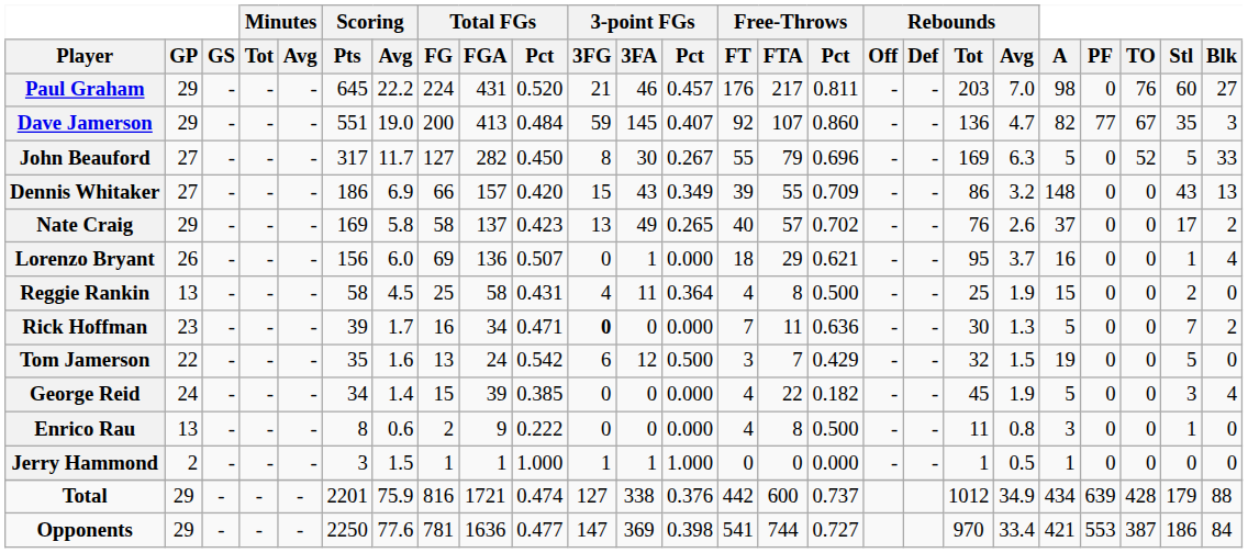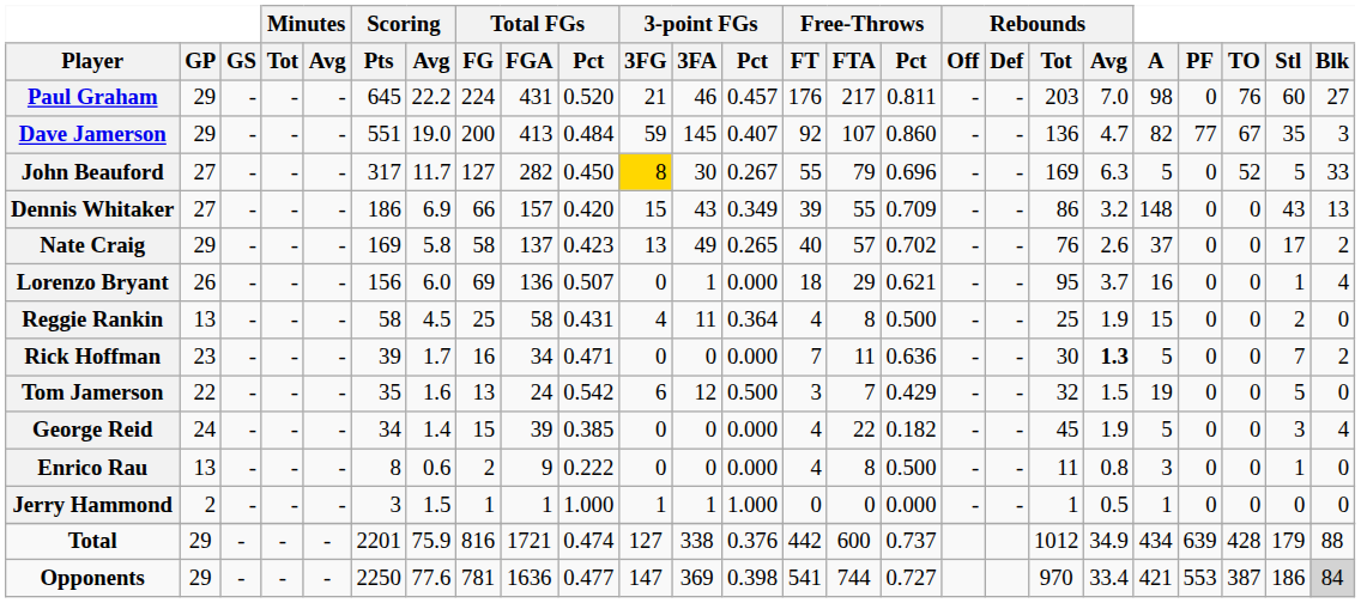 <table class="wikitable sortable" border="1" style="font-size:90%;">
 <tr>
 <th colspan="3" style="border-top-style:hidden; border-left-style:hidden; background: white;"></th>
 <th colspan="2" style=>Minutes</th>
 <th colspan="2" style=>Scoring</th>
 <th colspan="3" style=>Total FGs</th>
 <th colspan="3" style=>3-point FGs</th>
 <th colspan="3" style=>Free-Throws</th>
 <th colspan="4" style=>Rebounds</th>
 <th colspan="5" style="border-top-style:hidden; border-right-style:hidden; background: white;"></th>
 </tr>
 <tr>
 <th scope="col" style=>Player</th>
 <th scope="col" style=>GP</th>
 <th scope="col" style=>GS</th>
 <th scope="col" style=>Tot</th>
 <th scope="col" style=>Avg</th>
 <th scope="col" style=>Pts</th>
 <th scope="col" style=>Avg</th>
 <th scope="col" style=>FG</th>
 <th scope="col" style=>FGA</th>
 <th scope="col" style=>Pct</th>
 <th scope="col" style=>3FG</th>
 <th scope="col" style=>3FA</th>
 <th scope="col" style=>Pct</th>
 <th scope="col" style=>FT</th>
 <th scope="col" style=>FTA</th>
 <th scope="col" style=>Pct</th>
 <th scope="col" style=>Off</th>
 <th scope="col" style=>Def</th>
 <th scope="col" style=>Tot</th>
 <th scope="col" style=>Avg</th>
 <th scope="col" style=>A</th>
 <th scope="col" style=>PF</th>
 <th scope="col" style=>TO</th>
 <th scope="col" style=>Stl</th>
 <th scope="col" style=>Blk</th>
 </tr>
 <tr>
 <th><a href='#'>Paul Graham</a></th>
 <td align="right">29</td>
 <td align="right">-</td>
 <td align="right">-</td>
 <td align="right">-</td>
 <td align="right">645</td>
 <td align="right">22.2</td>
 <td align="right">224</td>
 <td align="right">431</td>
 <td align="right">0.520</td>
 <td align="right">21</td>
 <td align="right">46</td>
 <td align="right">0.457</td>
 <td align="right">176</td>
 <td align="right">217</td>
 <td align="right">0.811</td>
 <td align="right">-</td>
 <td align="right">-</td>
 <td align="right">203</td>
 <td align="right">7.0</td>
 <td align="right">98</td>
 <td align="right">0</td>
 <td align="right">76</td>
 <td align="right">60</td>
 <td align="right">27</td>
 </tr>
 <tr>
 <th><a href='#'>Dave Jamerson</a></th>
 <td align="right">29</td>
 <td align="right">-</td>
 <td align="right">-</td>
 <td align="right">-</td>
 <td align="right">551</td>
 <td align="right">19.0</td>
 <td align="right">200</td>
 <td align="right">413</td>
 <td align="right">0.484</td>
 <td align="right">59</td>
 <td align="right">145</td>
 <td align="right">0.407</td>
 <td align="right">92</td>
 <td align="right">107</td>
 <td align="right">0.860</td>
 <td align="right">-</td>
 <td align="right">-</td>
 <td align="right">136</td>
 <td align="right">4.7</td>
 <td align="right">82</td>
 <td align="right">77</td>
 <td align="right">67</td>
 <td align="right">35</td>
 <td align="right">3</td>
 </tr>
 <tr>
 <th>John Beauford</th>
 <td align="right">27</td>
 <td align="right">-</td>
 <td align="right">-</td>
 <td align="right">-</td>
 <td align="right">317</td>
 <td align="right">11.7</td>
 <td align="right">127</td>
 <td align="right">282</td>
 <td align="right">0.450</td>
-<td align="right">8</td>
+<td align="right" style="background: gold;">8</td>
 <td align="right">30</td>
 <td align="right">0.267</td>
 <td align="right">55</td>
 <td align="right">79</td>
 <td align="right">0.696</td>
 <td align="right">-</td>
 <td align="right">-</td>
 <td align="right">169</td>
 <td align="right">6.3</td>
 <td align="right">5</td>
 <td align="right">0</td>
 <td align="right">52</td>
 <td align="right">5</td>
 <td align="right">33</td>
 </tr>
 <tr>
 <th>Dennis Whitaker</th>
 <td align="right">27</td>
 <td align="right">-</td>
 <td align="right">-</td>
 <td align="right">-</td>
 <td align="right">186</td>
 <td align="right">6.9</td>
 <td align="right">66</td>
 <td align="right">157</td>
 <td align="right">0.420</td>
 <td align="right">15</td>
 <td align="right">43</td>
 <td align="right">0.349</td>
 <td align="right">39</td>
 <td align="right">55</td>
 <td align="right">0.709</td>
 <td align="right">-</td>
 <td align="right">-</td>
 <td align="right">86</td>
 <td align="right">3.2</td>
 <td align="right">148</td>
 <td align="right">0</td>
 <td align="right">0</td>
 <td align="right">43</td>
 <td align="right">13</td>
 </tr>
 <tr>
 <th>Nate Craig</th>
 <td align="right">29</td>
 <td align="right">-</td>
 <td align="right">-</td>
 <td align="right">-</td>
 <td align="right">169</td>
 <td align="right">5.8</td>
 <td align="right">58</td>
 <td align="right">137</td>
 <td align="right">0.423</td>
 <td align="right">13</td>
 <td align="right">49</td>
 <td align="right">0.265</td>
 <td align="right">40</td>
 <td align="right">57</td>
 <td align="right">0.702</td>
 <td align="right">-</td>
 <td align="right">-</td>
 <td align="right">76</td>
 <td align="right">2.6</td>
 <td align="right">37</td>
 <td align="right">0</td>
 <td align="right">0</td>
 <td align="right">17</td>
 <td align="right">2</td>
 </tr>
 <tr>
 <th>Lorenzo Bryant</th>
 <td align="right">26</td>
 <td align="right">-</td>
 <td align="right">-</td>
 <td align="right">-</td>
 <td align="right">156</td>
 <td align="right">6.0</td>
 <td align="right">69</td>
 <td align="right">136</td>
 <td align="right">0.507</td>
 <td align="right">0</td>
 <td align="right">1</td>
 <td align="right">0.000</td>
 <td align="right">18</td>
 <td align="right">29</td>
 <td align="right">0.621</td>
 <td align="right">-</td>
 <td align="right">-</td>
 <td align="right">95</td>
 <td align="right">3.7</td>
 <td align="right">16</td>
 <td align="right">0</td>
 <td align="right">0</td>
 <td align="right">1</td>
 <td align="right">4</td>
 </tr>
 <tr>
 <th>Reggie Rankin</th>
 <td align="right">13</td>
 <td align="right">-</td>
 <td align="right">-</td>
 <td align="right">-</td>
 <td align="right">58</td>
 <td align="right">4.5</td>
 <td align="right">25</td>
 <td align="right">58</td>
 <td align="right">0.431</td>
 <td align="right">4</td>
 <td align="right">11</td>
 <td align="right">0.364</td>
 <td align="right">4</td>
 <td align="right">8</td>
 <td align="right">0.500</td>
 <td align="right">-</td>
 <td align="right">-</td>
 <td align="right">25</td>
 <td align="right">1.9</td>
 <td align="right">15</td>
 <td align="right">0</td>
 <td align="right">0</td>
 <td align="right">2</td>
 <td align="right">0</td>
 </tr>
 <tr>
 <th>Rick Hoffman</th>
 <td align="right">23</td>
 <td align="right">-</td>
 <td align="right">-</td>
 <td align="right">-</td>
 <td align="right">39</td>
 <td align="right">1.7</td>
 <td align="right">16</td>
 <td align="right">34</td>
 <td align="right">0.471</td>
-<td align="right"><strong>0</strong></td>
+<td align="right">0</td>
 <td align="right">0</td>
 <td align="right">0.000</td>
 <td align="right">7</td>
 <td align="right">11</td>
 <td align="right">0.636</td>
 <td align="right">-</td>
 <td align="right">-</td>
 <td align="right">30</td>
-<td align="right">1.3</td>
+<td align="right"><strong>1.3</strong></td>
 <td align="right">5</td>
 <td align="right">0</td>
 <td align="right">0</td>
 <td align="right">7</td>
 <td align="right">2</td>
 </tr>
 <tr>
 <th>Tom Jamerson</th>
 <td align="right">22</td>
 <td align="right">-</td>
 <td align="right">-</td>
 <td align="right">-</td>
 <td align="right">35</td>
 <td align="right">1.6</td>
 <td align="right">13</td>
 <td align="right">24</td>
 <td align="right">0.542</td>
 <td align="right">6</td>
 <td align="right">12</td>
 <td align="right">0.500</td>
 <td align="right">3</td>
 <td align="right">7</td>
 <td align="right">0.429</td>
 <td align="right">-</td>
 <td align="right">-</td>
 <td align="right">32</td>
 <td align="right">1.5</td>
 <td align="right">19</td>
 <td align="right">0</td>
 <td align="right">0</td>
 <td align="right">5</td>
 <td align="right">0</td>
 </tr>
 <tr>
 <th>George Reid</th>
 <td align="right">24</td>
 <td align="right">-</td>
 <td align="right">-</td>
 <td align="right">-</td>
 <td align="right">34</td>
 <td align="right">1.4</td>
 <td align="right">15</td>
 <td align="right">39</td>
 <td align="right">0.385</td>
 <td align="right">0</td>
 <td align="right">0</td>
 <td align="right">0.000</td>
 <td align="right">4</td>
 <td align="right">22</td>
 <td align="right">0.182</td>
 <td align="right">-</td>
 <td align="right">-</td>
 <td align="right">45</td>
 <td align="right">1.9</td>
 <td align="right">5</td>
 <td align="right">0</td>
 <td align="right">0</td>
 <td align="right">3</td>
 <td align="right">4</td>
 </tr>
 <tr>
 <th>Enrico Rau</th>
 <td align="right">13</td>
 <td align="right">-</td>
 <td align="right">-</td>
 <td align="right">-</td>
 <td align="right">8</td>
 <td align="right">0.6</td>
 <td align="right">2</td>
 <td align="right">9</td>
 <td align="right">0.222</td>
 <td align="right">0</td>
 <td align="right">0</td>
 <td align="right">0.000</td>
 <td align="right">4</td>
 <td align="right">8</td>
 <td align="right">0.500</td>
 <td align="right">-</td>
 <td align="right">-</td>
 <td align="right">11</td>
 <td align="right">0.8</td>
 <td align="right">3</td>
 <td align="right">0</td>
 <td align="right">0</td>
 <td align="right">1</td>
 <td align="right">0</td>
 </tr>
 <tr>
 <th>Jerry Hammond</th>
 <td align="right">2</td>
 <td align="right">-</td>
 <td align="right">-</td>
 <td align="right">-</td>
 <td align="right">3</td>
 <td align="right">1.5</td>
 <td align="right">1</td>
 <td align="right">1</td>
 <td align="right">1.000</td>
 <td align="right">1</td>
 <td align="right">1</td>
 <td align="right">1.000</td>
 <td align="right">0</td>
 <td align="right">0</td>
 <td align="right">0.000</td>
 <td align="right">-</td>
 <td align="right">-</td>
 <td align="right">1</td>
 <td align="right">0.5</td>
 <td align="right">1</td>
 <td align="right">0</td>
 <td align="right">0</td>
 <td align="right">0</td>
 <td align="right">0</td>
 </tr>
 <tr>
 </tr>
 <tr class="sortbottom">
 <td align="center" style=><strong>Total</strong></td>
 <td align="center" style=>29</td>
 <td align="center" style=>-</td>
 <td align="center" style=>-</td>
 <td align="center" style=>-</td>
 <td align="center" style=>2201</td>
 <td align="center" style=>75.9</td>
 <td align="center" style=>816</td>
 <td align="center" style=>1721</td>
 <td align="center" style=>0.474</td>
 <td align="center" style=>127</td>
 <td align="center" style=>338</td>
 <td align="center" style=>0.376</td>
 <td align="center" style=>442</td>
 <td align="center" style=>600</td>
 <td align="center" style=>0.737</td>
 <td align="center" style=></td>
 <td align="center" style=></td>
 <td align="center" style=>1012</td>
 <td align="center" style=>34.9</td>
 <td align="center" style=>434</td>
 <td align="center" style=>639</td>
 <td align="center" style=>428</td>
 <td align="center" style=>179</td>
 <td align="center" style=>88</td>
 </tr>
 <tr class="sortbottom">
 <td align="center"><strong>Opponents</strong></td>
 <td align="center">29</td>
 <td align="center">-</td>
 <td align="center">-</td>
 <td align="center">-</td>
 <td align="center">2250</td>
 <td align="center">77.6</td>
 <td align="center">781</td>
 <td align="center">1636</td>
 <td align="center">0.477</td>
 <td align="center">147</td>
 <td align="center">369</td>
 <td align="center">0.398</td>
 <td align="center">541</td>
 <td align="center">744</td>
 <td align="center">0.727</td>
 <td align="center"></td>
 <td align="center"></td>
 <td align="center">970</td>
 <td align="center">33.4</td>
 <td align="center">421</td>
 <td align="center">553</td>
 <td align="center">387</td>
 <td align="center">186</td>
-<td align="center">84</td>
+<td align="center" style="background: lightgrey;">84</td>
 </tr>
 </table>
